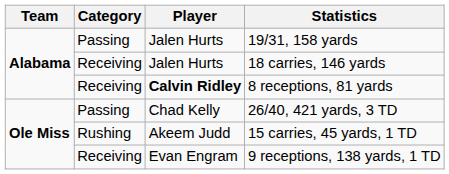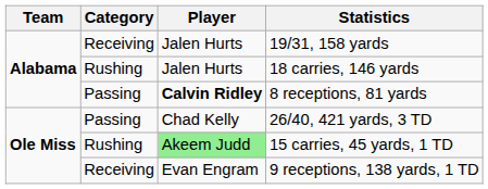 <table class="wikitable" style="float: right;">
 <tr>
 <th>Team</th>
 <th>Category</th>
 <th>Player</th>
 <th>Statistics</th>
 </tr>
 <tr>
 <td rowspan=3><strong>Alabama</strong></td>
-<td>Passing</td>
+<td>Receiving</td>
 <td>Jalen Hurts</td>
 <td>19/31, 158 yards</td>
 </tr>
 <tr>
-<td>Receiving</td>
+<td>Rushing</td>
 <td>Jalen Hurts</td>
 <td>18 carries, 146 yards</td>
 </tr>
 <tr>
-<td>Receiving</td>
+<td>Passing</td>
 <td><strong>Calvin Ridley</strong></td>
 <td>8 receptions, 81 yards</td>
 </tr>
 <tr>
 <td rowspan=3><strong>Ole Miss</strong></td>
 <td>Passing</td>
 <td>Chad Kelly</td>
 <td>26/40, 421 yards, 3 TD</td>
 </tr>
 <tr>
 <td>Rushing</td>
-<td>Akeem Judd</td>
+<td style="background: lightgreen;">Akeem Judd</td>
 <td>15 carries, 45 yards, 1 TD</td>
 </tr>
 <tr>
 <td>Receiving</td>
 <td>Evan Engram</td>
 <td>9 receptions, 138 yards, 1 TD</td>
 </tr>
 </table>
